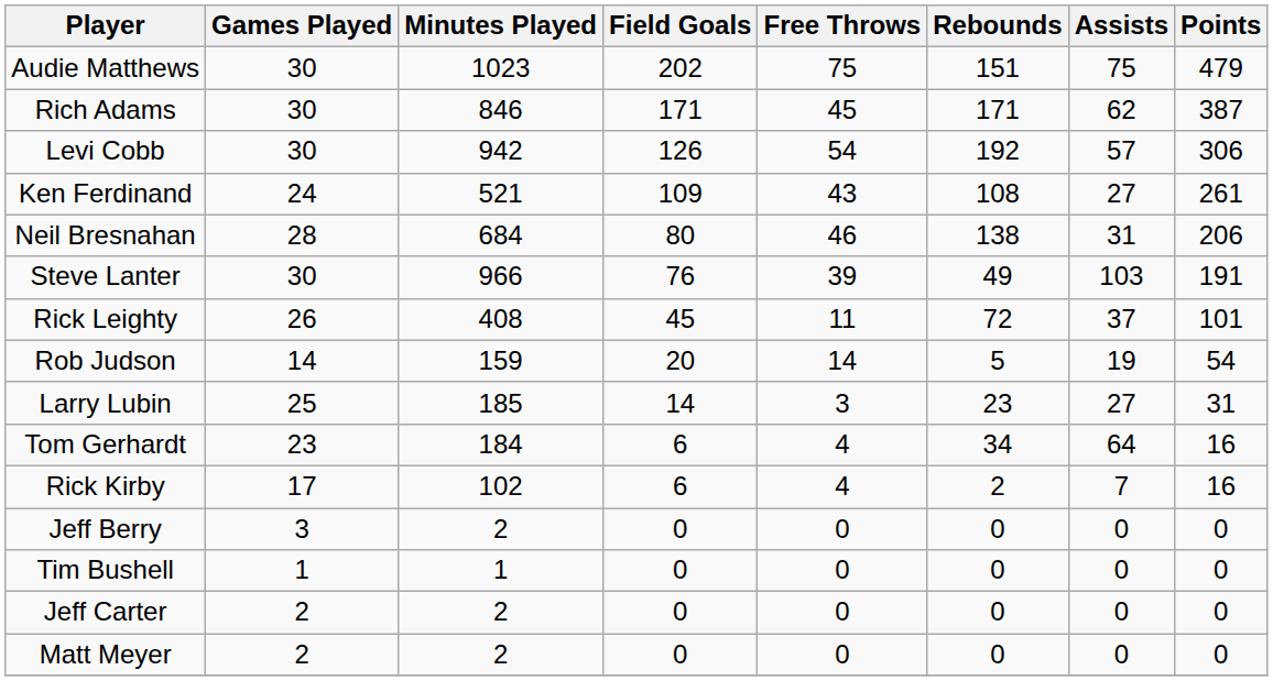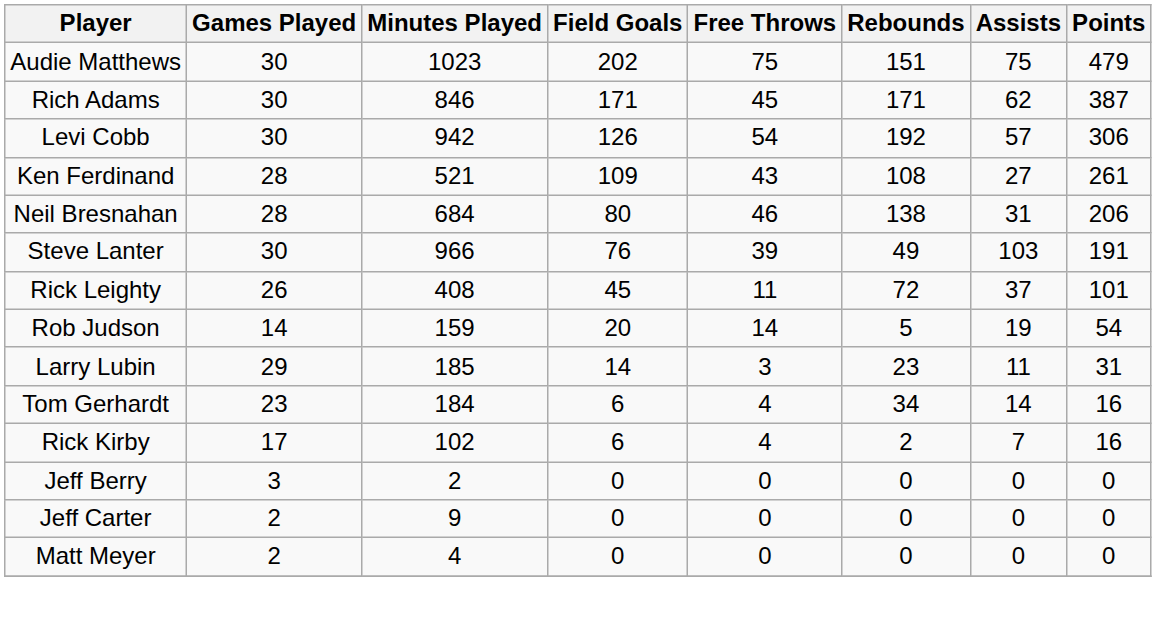 <table class="wikitable sortable">
 <tr>
 <th>Player</th>
 <th>Games Played</th>
 <th>Minutes Played</th>
 <th>Field Goals</th>
 <th>Free Throws</th>
 <th>Rebounds</th>
 <th>Assists</th>
 <th>Points</th>
 </tr>
 <tr align="center" bgcolor="">
 <td>Audie Matthews</td>
 <td>30</td>
 <td>1023</td>
 <td>202</td>
 <td>75</td>
 <td>151</td>
 <td>75</td>
 <td>479</td>
 </tr>
 <tr align="center" bgcolor="">
 <td>Rich Adams</td>
 <td>30</td>
 <td>846</td>
 <td>171</td>
 <td>45</td>
 <td>171</td>
 <td>62</td>
 <td>387</td>
 </tr>
 <tr align="center" bgcolor="">
 <td>Levi Cobb</td>
 <td>30</td>
 <td>942</td>
 <td>126</td>
 <td>54</td>
 <td>192</td>
 <td>57</td>
 <td>306</td>
 </tr>
 <tr align="center" bgcolor="">
 <td>Ken Ferdinand</td>
-<td>24</td>
+<td>28</td>
 <td>521</td>
 <td>109</td>
 <td>43</td>
 <td>108</td>
 <td>27</td>
 <td>261</td>
 </tr>
 <tr align="center" bgcolor="">
 <td>Neil Bresnahan</td>
 <td>28</td>
 <td>684</td>
 <td>80</td>
 <td>46</td>
 <td>138</td>
 <td>31</td>
 <td>206</td>
 </tr>
 <tr align="center" bgcolor="">
 <td>Steve Lanter</td>
 <td>30</td>
 <td>966</td>
 <td>76</td>
 <td>39</td>
 <td>49</td>
 <td>103</td>
 <td>191</td>
 </tr>
 <tr align="center" bgcolor="">
 <td>Rick Leighty</td>
 <td>26</td>
 <td>408</td>
 <td>45</td>
 <td>11</td>
 <td>72</td>
 <td>37</td>
 <td>101</td>
 </tr>
 <tr align="center" bgcolor="">
 <td>Rob Judson</td>
 <td>14</td>
 <td>159</td>
 <td>20</td>
 <td>14</td>
 <td>5</td>
 <td>19</td>
 <td>54</td>
 </tr>
 <tr align="center" bgcolor="">
 <td>Larry Lubin</td>
-<td>25</td>
+<td>29</td>
 <td>185</td>
 <td>14</td>
 <td>3</td>
 <td>23</td>
-<td>27</td>
+<td>11</td>
 <td>31</td>
 </tr>
 <tr align="center" bgcolor="">
 <td>Tom Gerhardt</td>
 <td>23</td>
 <td>184</td>
 <td>6</td>
 <td>4</td>
 <td>34</td>
-<td>64</td>
+<td>14</td>
 <td>16</td>
 </tr>
 <tr align="center" bgcolor="">
 <td>Rick Kirby</td>
 <td>17</td>
 <td>102</td>
 <td>6</td>
 <td>4</td>
 <td>2</td>
 <td>7</td>
 <td>16</td>
 </tr>
 <tr align="center" bgcolor="">
 <td>Jeff Berry</td>
 <td>3</td>
 <td>2</td>
 <td>0</td>
 <td>0</td>
 <td>0</td>
 <td>0</td>
 <td>0</td>
 </tr>
 <tr align="center" bgcolor="">
-<td>Tim Bushell</td>
-<td>1</td>
-<td>1</td>
-<td>0</td>
-<td>0</td>
-<td>0</td>
-<td>0</td>
-<td>0</td>
-</tr>
-<tr align="center" bgcolor="">
 <td>Jeff Carter</td>
 <td>2</td>
-<td>2</td>
+<td>9</td>
 <td>0</td>
 <td>0</td>
 <td>0</td>
 <td>0</td>
 <td>0</td>
 </tr>
 <tr align="center" bgcolor="">
 <td>Matt Meyer</td>
 <td>2</td>
-<td>2</td>
+<td>4</td>
 <td>0</td>
 <td>0</td>
 <td>0</td>
 <td>0</td>
 <td>0</td>
 </tr>
 <tr align="center" bgcolor="">
 </tr>
 </table>
